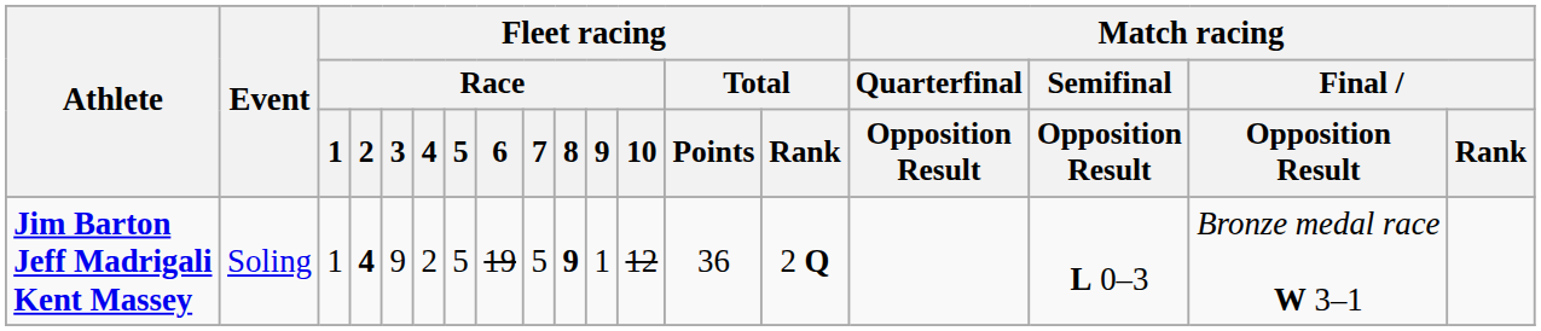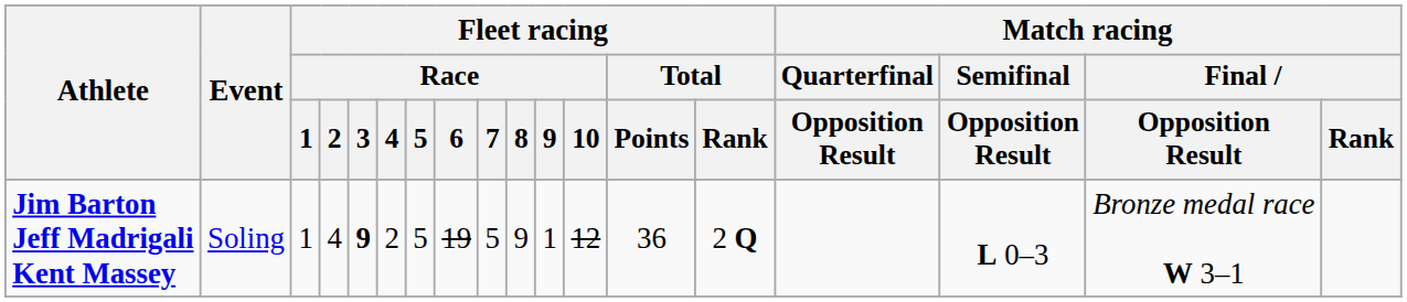 <table class=wikitable style=font-size:90%;text-align:center>
 <tr>
 <th rowspan=3>Athlete</th>
 <th rowspan=3>Event</th>
 <th colspan=12>Fleet racing</th>
 <th colspan=4>Match racing</th>
 </tr>
 <tr style=font-size:95%>
 <th colspan=10>Race</th>
 <th colspan=2>Total</th>
 <th>Quarterfinal</th>
 <th>Semifinal</th>
 <th colspan=2>Final / </th>
 </tr>
 <tr style=font-size:95%>
 <th>1</th>
 <th>2</th>
 <th>3</th>
 <th>4</th>
 <th>5</th>
 <th>6</th>
 <th>7</th>
 <th>8</th>
 <th>9</th>
 <th>10</th>
 <th>Points</th>
 <th>Rank</th>
 <th>Opposition<br>Result</th>
 <th>Opposition<br>Result</th>
 <th>Opposition<br>Result</th>
 <th>Rank</th>
 </tr>
 <tr>
 <td align=left><strong><a href='#'>Jim Barton</a><br><a href='#'>Jeff Madrigali</a><br><a href='#'>Kent Massey</a></strong></td>
 <td align=left><a href='#'>Soling</a></td>
 <td>1</td>
-<td><strong>4</strong></td>
-<td>9</td>
+<td>4</td>
+<td><strong>9</strong></td>
 <td>2</td>
 <td>5</td>
 <td><s>19</s></td>
 <td>5</td>
-<td><strong>9</strong></td>
+<td>9</td>
 <td>1</td>
 <td><s>12</s></td>
 <td>36</td>
 <td>2 <strong>Q</strong></td>
 <td></td>
 <td><br><strong>L</strong> 0–3</td>
 <td><em>Bronze medal race</em><br><br><strong>W</strong> 3–1</td>
 <td></td>
 </tr>
 </table>
